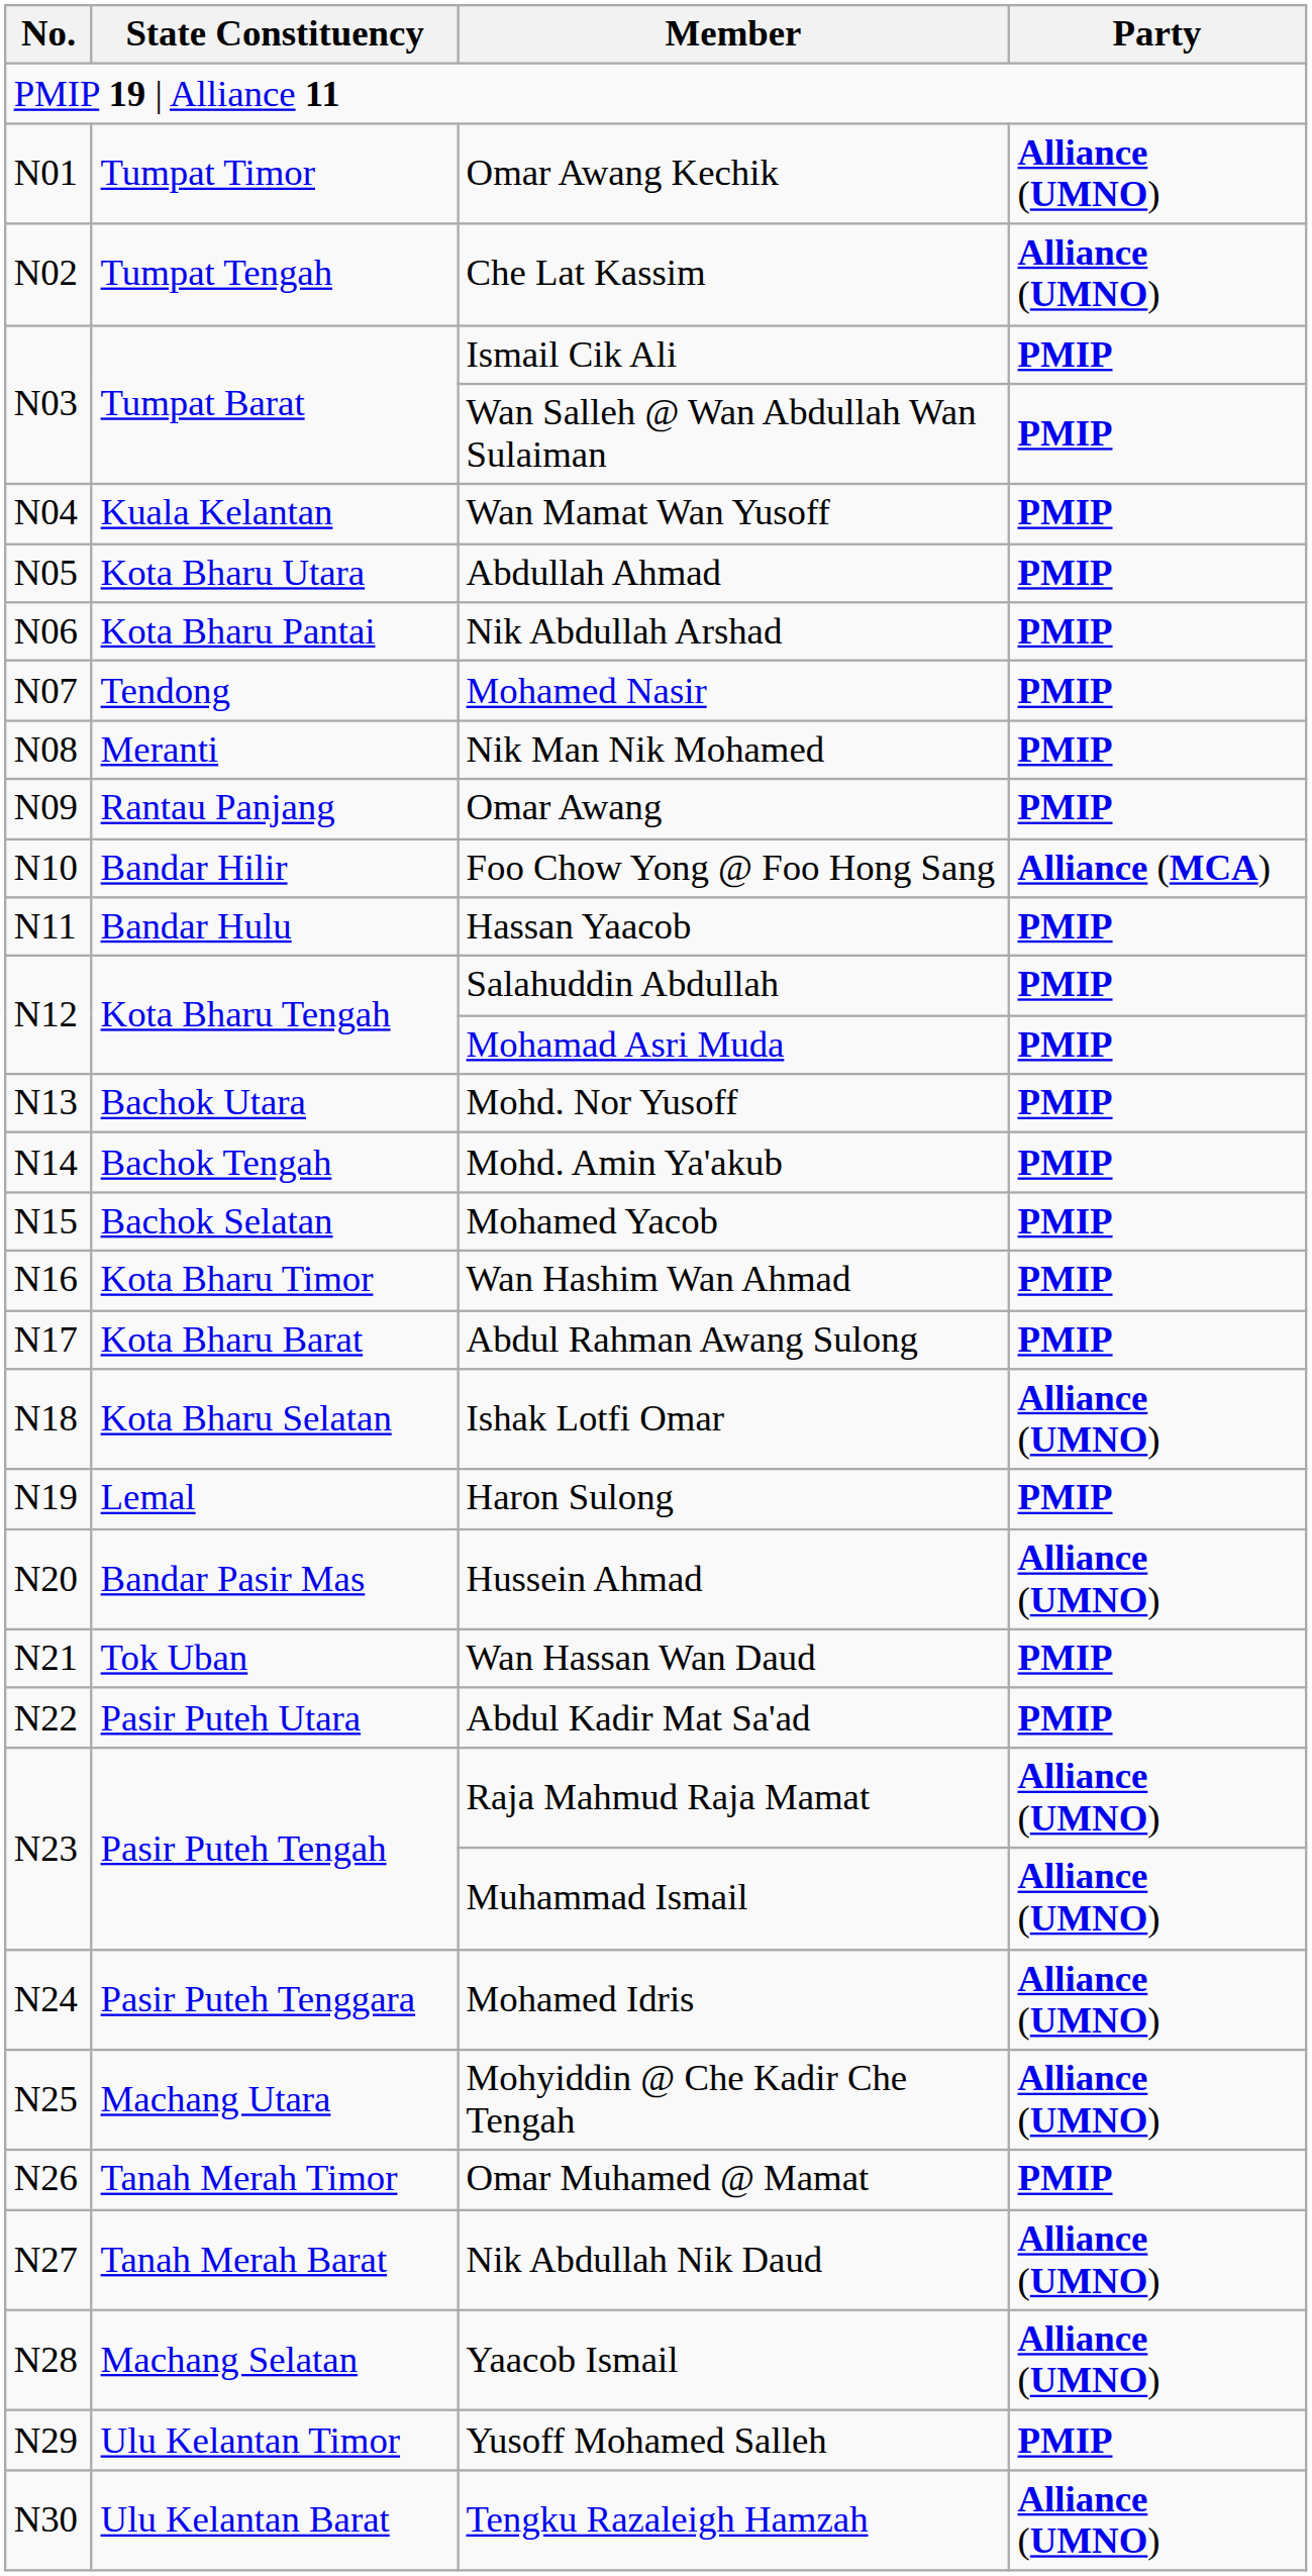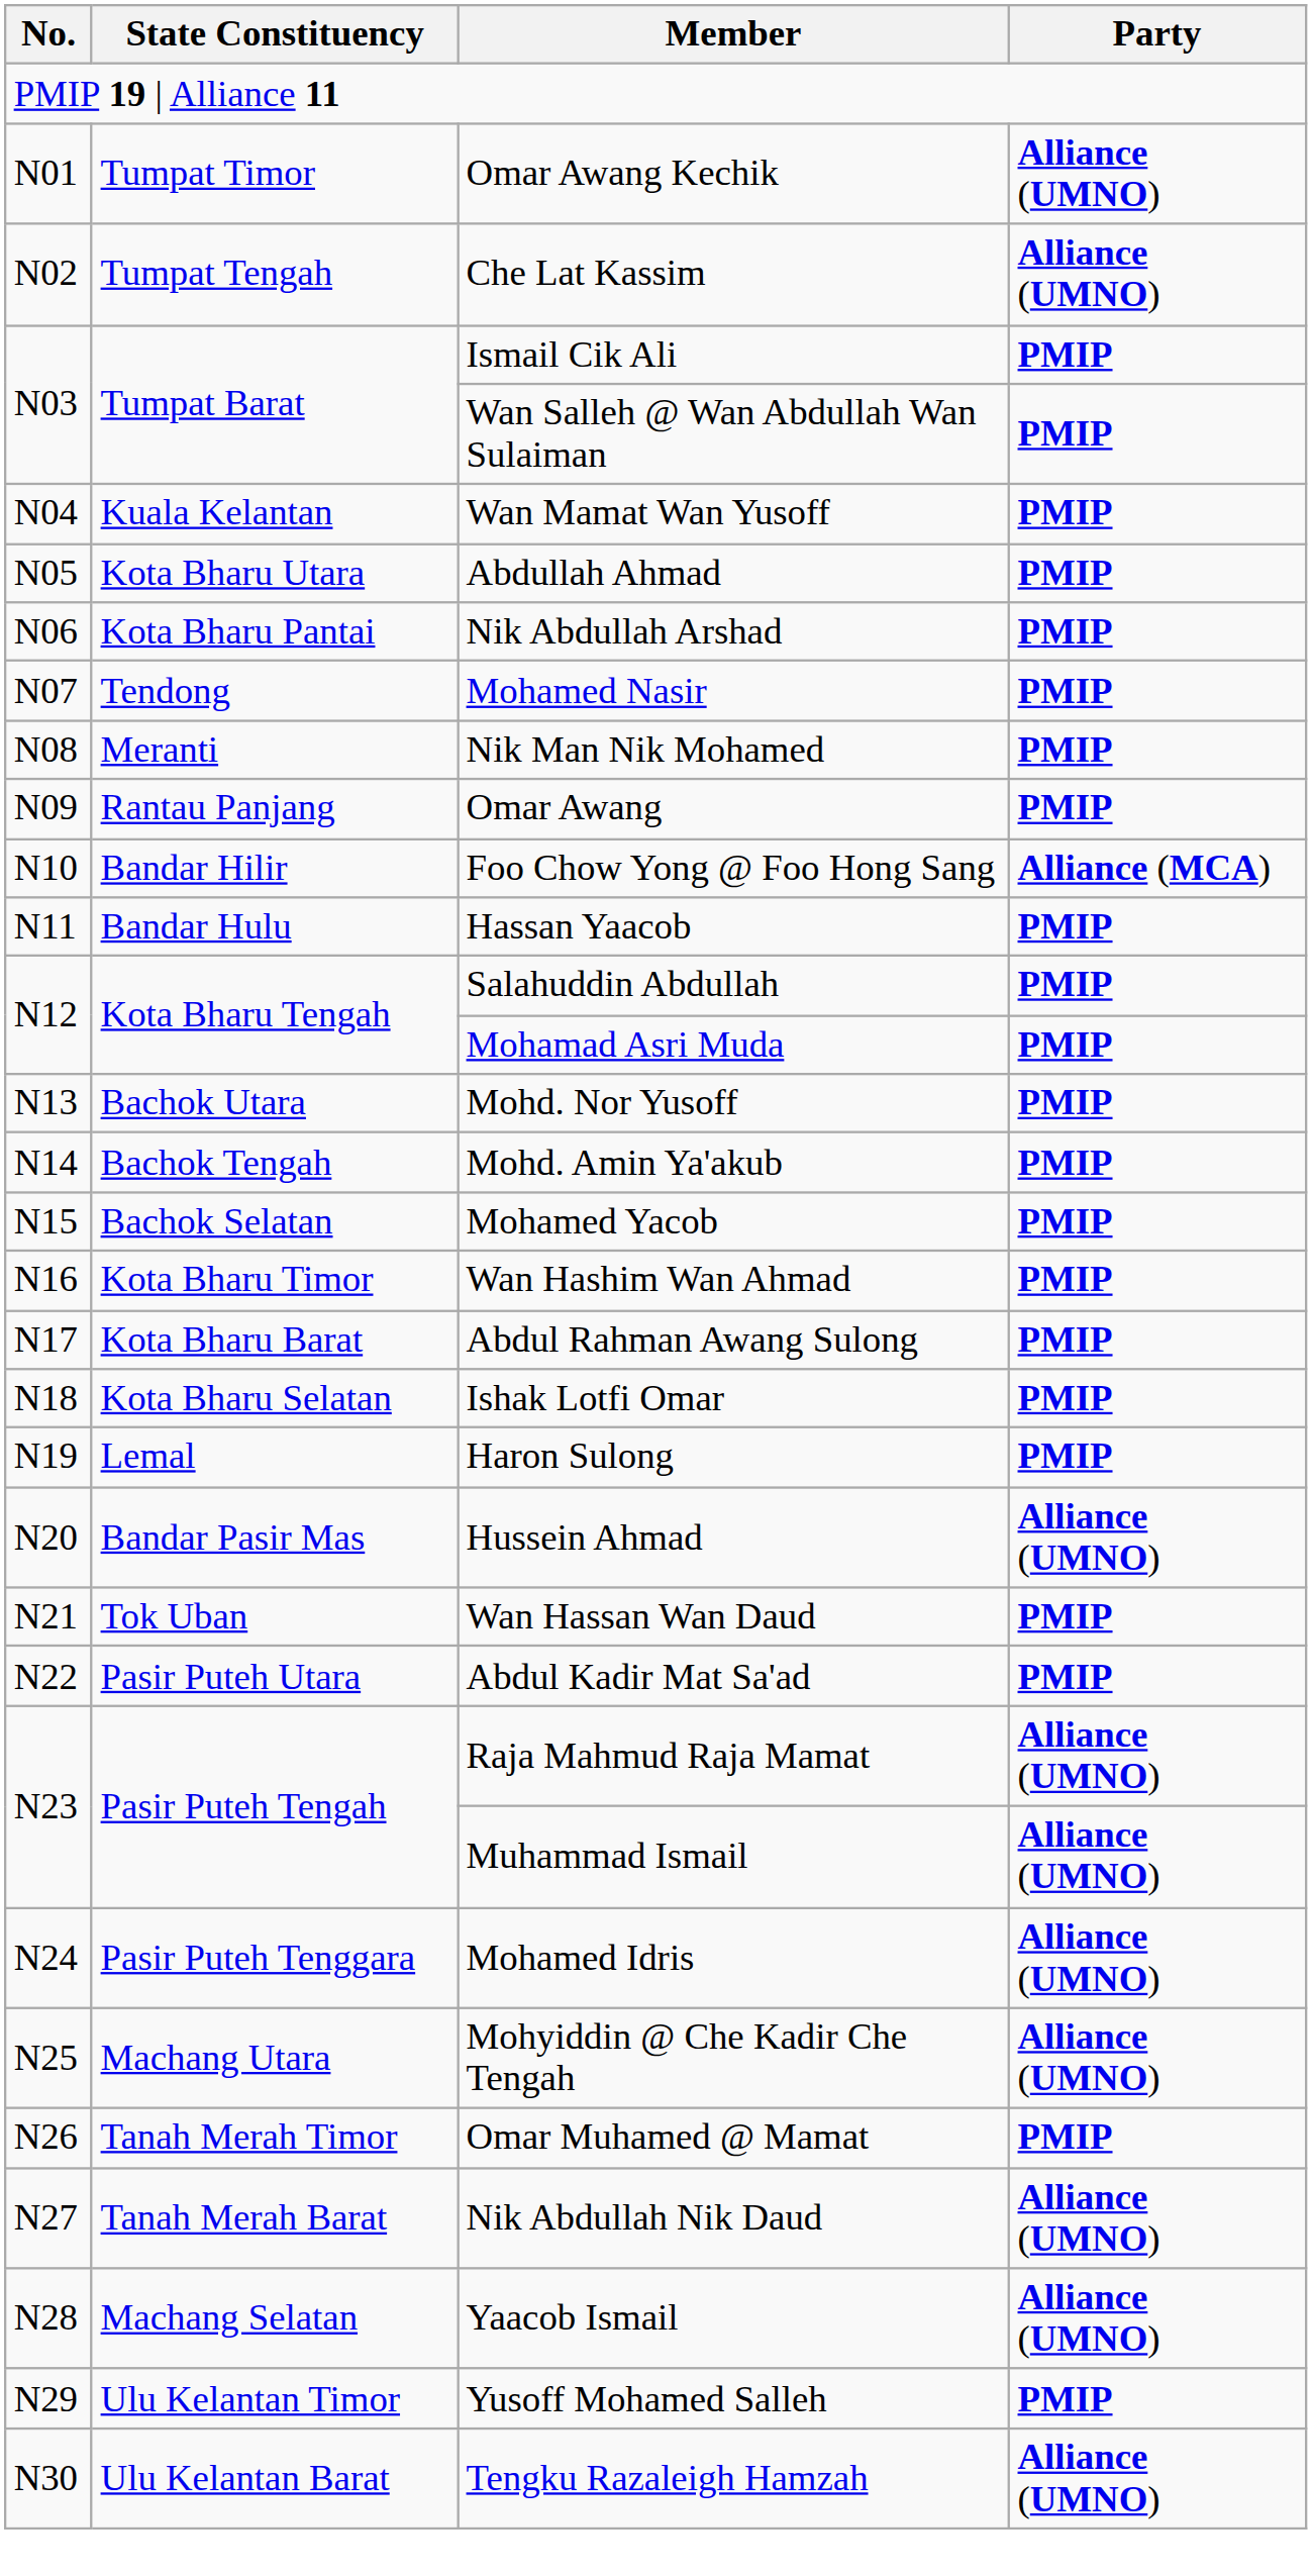 <table class="wikitable sortable">
 <tr>
 <th style="width:30px;">No.</th>
 <th style="width:150px;">State Constituency</th>
 <th style="width:230px;">Member</th>
 <th style="width:120px;">Party</th>
 </tr>
 <tr>
 <td colspan="4"><a href='#'>PMIP</a> <strong>19</strong> | <a href='#'>Alliance</a> <strong>11</strong></td>
 </tr>
 <tr>
 <td>N01</td>
 <td><a href='#'>Tumpat Timor</a></td>
 <td>Omar Awang Kechik</td>
 <td><strong><a href='#'>Alliance</a></strong> (<strong><a href='#'>UMNO</a></strong>)</td>
 </tr>
 <tr>
 <td>N02</td>
 <td><a href='#'>Tumpat Tengah</a></td>
 <td>Che Lat Kassim</td>
 <td><strong><a href='#'>Alliance</a></strong> (<strong><a href='#'>UMNO</a></strong>)</td>
 </tr>
 <tr>
 <td rowspan=2>N03</td>
 <td rowspan=2><a href='#'>Tumpat Barat</a></td>
 <td>Ismail Cik Ali </td>
 <td><strong><a href='#'>PMIP</a></strong></td>
 </tr>
 <tr>
 <td>Wan Salleh @ Wan Abdullah Wan Sulaiman </td>
 <td><strong><a href='#'>PMIP</a></strong></td>
 </tr>
 <tr>
 <td>N04</td>
 <td><a href='#'>Kuala Kelantan</a></td>
 <td>Wan Mamat Wan Yusoff</td>
 <td><strong><a href='#'>PMIP</a></strong></td>
 </tr>
 <tr>
 <td>N05</td>
 <td><a href='#'>Kota Bharu Utara</a></td>
 <td>Abdullah Ahmad</td>
 <td><strong><a href='#'>PMIP</a></strong></td>
 </tr>
 <tr>
 <td>N06</td>
 <td><a href='#'>Kota Bharu Pantai</a></td>
 <td>Nik Abdullah Arshad</td>
 <td><strong><a href='#'>PMIP</a></strong></td>
 </tr>
 <tr>
 <td>N07</td>
 <td><a href='#'>Tendong</a></td>
 <td><a href='#'>Mohamed Nasir</a></td>
 <td><strong><a href='#'>PMIP</a></strong></td>
 </tr>
 <tr>
 <td>N08</td>
 <td><a href='#'>Meranti</a></td>
 <td>Nik Man Nik Mohamed</td>
 <td><strong><a href='#'>PMIP</a></strong></td>
 </tr>
 <tr>
 <td>N09</td>
 <td><a href='#'>Rantau Panjang</a></td>
 <td>Omar Awang</td>
 <td><strong><a href='#'>PMIP</a></strong></td>
 </tr>
 <tr>
 <td>N10</td>
 <td><a href='#'>Bandar Hilir</a></td>
 <td>Foo Chow Yong @ Foo Hong Sang</td>
 <td><strong><a href='#'>Alliance</a></strong> (<strong><a href='#'>MCA</a></strong>)</td>
 </tr>
 <tr>
 <td>N11</td>
 <td><a href='#'>Bandar Hulu</a></td>
 <td>Hassan Yaacob</td>
 <td><strong><a href='#'>PMIP</a></strong></td>
 </tr>
 <tr>
 <td rowspan=2>N12</td>
 <td rowspan=2><a href='#'>Kota Bharu Tengah</a></td>
 <td>Salahuddin Abdullah </td>
 <td><strong><a href='#'>PMIP</a></strong></td>
 </tr>
 <tr>
 <td><a href='#'>Mohamad Asri Muda</a> </td>
 <td><strong><a href='#'>PMIP</a></strong></td>
 </tr>
 <tr>
 <td>N13</td>
 <td><a href='#'>Bachok Utara</a></td>
 <td>Mohd. Nor Yusoff</td>
 <td><strong><a href='#'>PMIP</a></strong></td>
 </tr>
 <tr>
 <td>N14</td>
 <td><a href='#'>Bachok Tengah</a></td>
 <td>Mohd. Amin Ya'akub</td>
 <td><strong><a href='#'>PMIP</a></strong></td>
 </tr>
 <tr>
 <td>N15</td>
 <td><a href='#'>Bachok Selatan</a></td>
 <td>Mohamed Yacob</td>
 <td><strong><a href='#'>PMIP</a></strong></td>
 </tr>
 <tr>
 <td>N16</td>
 <td><a href='#'>Kota Bharu Timor</a></td>
 <td>Wan Hashim Wan Ahmad</td>
 <td><strong><a href='#'>PMIP</a></strong></td>
 </tr>
 <tr>
 <td>N17</td>
 <td><a href='#'>Kota Bharu Barat</a></td>
 <td>Abdul Rahman Awang Sulong</td>
 <td><strong><a href='#'>PMIP</a></strong></td>
 </tr>
 <tr>
 <td>N18</td>
 <td><a href='#'>Kota Bharu Selatan</a></td>
 <td>Ishak Lotfi Omar</td>
-<td><strong><a href='#'>Alliance</a></strong> (<strong><a href='#'>UMNO</a></strong>)</td>
+<td><strong><a href='#'>PMIP</a></strong></td>
 </tr>
 <tr>
 <td>N19</td>
 <td><a href='#'>Lemal</a></td>
 <td>Haron Sulong</td>
 <td><strong><a href='#'>PMIP</a></strong></td>
 </tr>
 <tr>
 <td>N20</td>
 <td><a href='#'>Bandar Pasir Mas</a></td>
 <td>Hussein Ahmad</td>
 <td><strong><a href='#'>Alliance</a></strong> (<strong><a href='#'>UMNO</a></strong>)</td>
 </tr>
 <tr>
 <td>N21</td>
 <td><a href='#'>Tok Uban</a></td>
 <td>Wan Hassan Wan Daud</td>
 <td><strong><a href='#'>PMIP</a></strong></td>
 </tr>
 <tr>
 <td>N22</td>
 <td><a href='#'>Pasir Puteh Utara</a></td>
 <td>Abdul Kadir Mat Sa'ad</td>
 <td><strong><a href='#'>PMIP</a></strong></td>
 </tr>
 <tr>
 <td rowspan=2>N23</td>
 <td rowspan=2><a href='#'>Pasir Puteh Tengah</a></td>
 <td>Raja Mahmud Raja Mamat </td>
 <td><strong><a href='#'>Alliance</a></strong> (<strong><a href='#'>UMNO</a></strong>)</td>
 </tr>
 <tr>
 <td>Muhammad Ismail </td>
 <td><strong><a href='#'>Alliance</a></strong> (<strong><a href='#'>UMNO</a></strong>)</td>
 </tr>
 <tr>
 <td>N24</td>
 <td><a href='#'>Pasir Puteh Tenggara</a></td>
 <td>Mohamed Idris</td>
 <td><strong><a href='#'>Alliance</a></strong> (<strong><a href='#'>UMNO</a></strong>)</td>
 </tr>
 <tr>
 <td>N25</td>
 <td><a href='#'>Machang Utara</a></td>
 <td>Mohyiddin @ Che Kadir Che Tengah</td>
 <td><strong><a href='#'>Alliance</a></strong> (<strong><a href='#'>UMNO</a></strong>)</td>
 </tr>
 <tr>
 <td>N26</td>
 <td><a href='#'>Tanah Merah Timor</a></td>
 <td>Omar Muhamed @ Mamat</td>
 <td><strong><a href='#'>PMIP</a></strong></td>
 </tr>
 <tr>
 <td>N27</td>
 <td><a href='#'>Tanah Merah Barat</a></td>
 <td>Nik Abdullah Nik Daud</td>
 <td><strong><a href='#'>Alliance</a></strong> (<strong><a href='#'>UMNO</a></strong>)</td>
 </tr>
 <tr>
 <td>N28</td>
 <td><a href='#'>Machang Selatan</a></td>
 <td>Yaacob Ismail</td>
 <td><strong><a href='#'>Alliance</a></strong> (<strong><a href='#'>UMNO</a></strong>)</td>
 </tr>
 <tr>
 <td>N29</td>
 <td><a href='#'>Ulu Kelantan Timor</a></td>
 <td>Yusoff Mohamed Salleh</td>
 <td><strong><a href='#'>PMIP</a></strong></td>
 </tr>
 <tr>
 <td>N30</td>
 <td><a href='#'>Ulu Kelantan Barat</a></td>
 <td><a href='#'>Tengku Razaleigh Hamzah</a></td>
 <td><strong><a href='#'>Alliance</a></strong> (<strong><a href='#'>UMNO</a></strong>)</td>
 </tr>
 </table>
